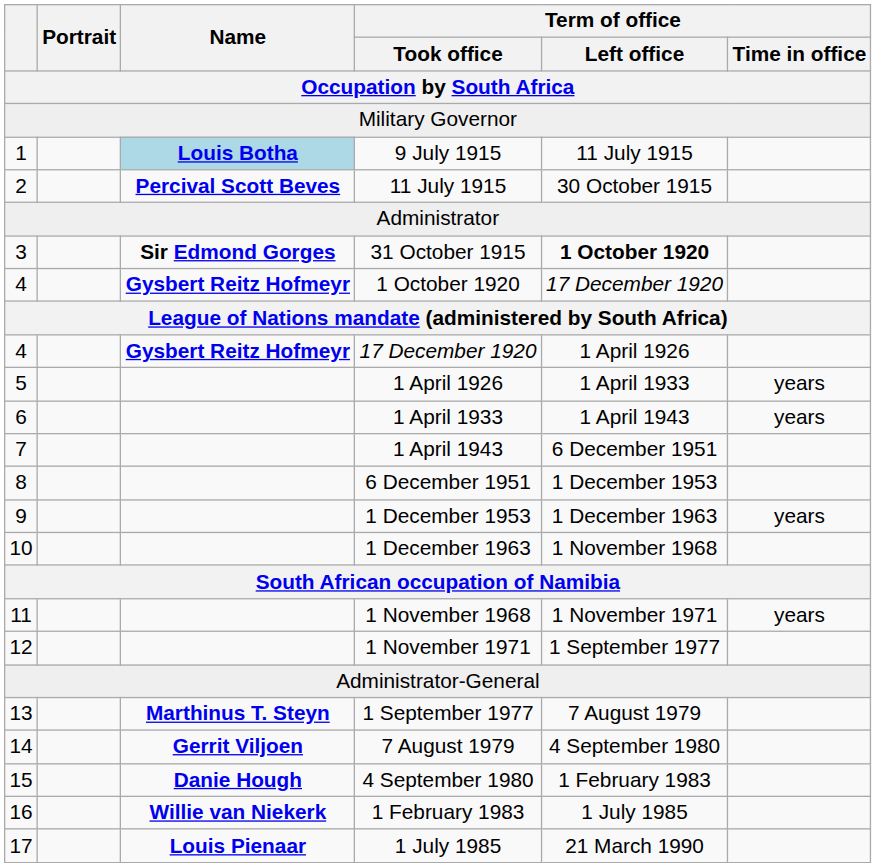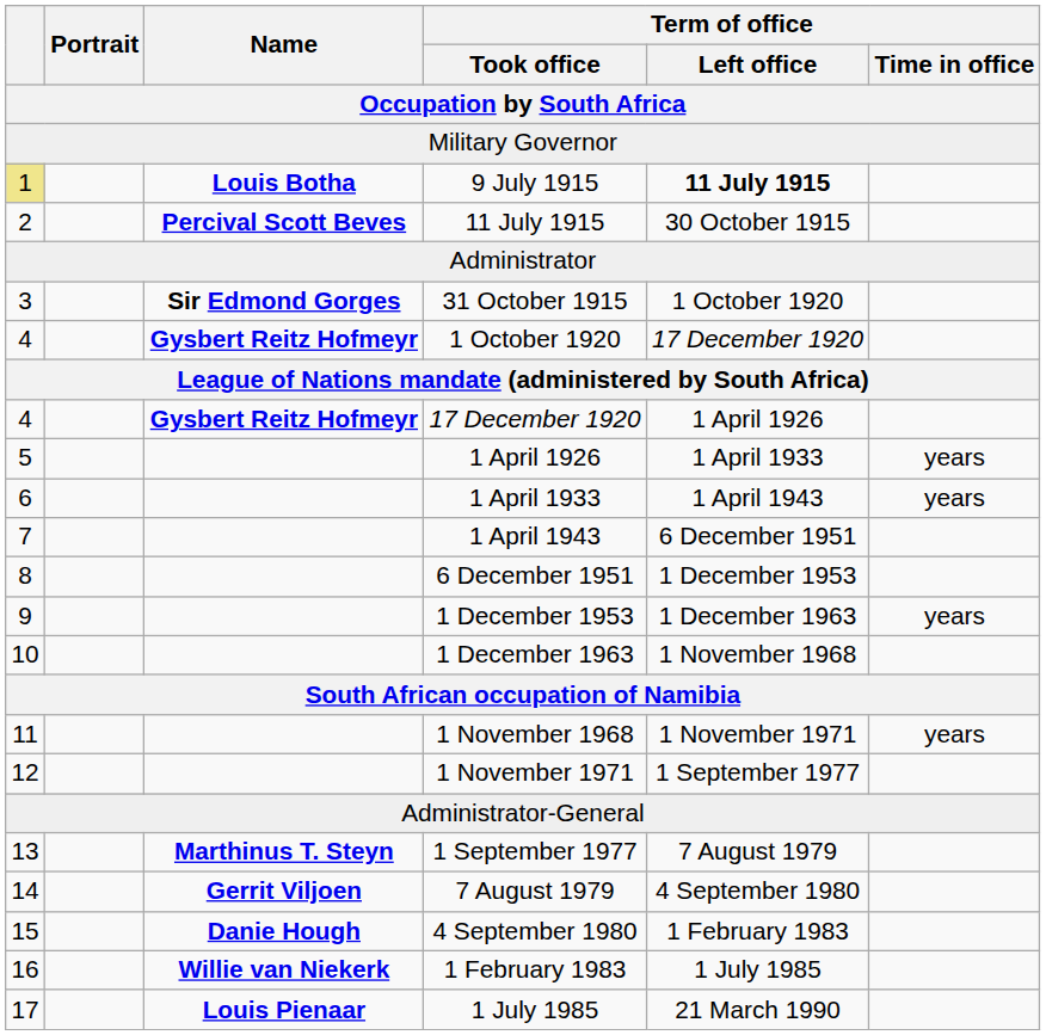 <table class="wikitable" style="text-align:center">
 <tr>
 <th rowspan=2></th>
 <th rowspan=2>Portrait</th>
 <th rowspan=2>Name<br></th>
 <th colspan=3>Term of office</th>
 </tr>
 <tr>
 <th>Took office</th>
 <th>Left office</th>
 <th>Time in office</th>
 </tr>
 <tr>
 <th colspan=6><a href='#'>Occupation</a> by <a href='#'>South Africa</a></th>
 </tr>
 <tr style="background:#efefef;">
 <td colspan=6>Military Governor</td>
 </tr>
 <tr>
-<td>1</td>
+<td style="background: khaki;">1</td>
 <td></td>
-<td style="background: lightblue;"><strong><a href='#'>Louis Botha</a></strong><br></td>
+<td><strong><a href='#'>Louis Botha</a></strong><br></td>
 <td>9 July 1915</td>
-<td>11 July 1915</td>
+<td><strong>11 July 1915</strong></td>
 <td></td>
 </tr>
 <tr>
 <td>2</td>
 <td></td>
 <td><strong><a href='#'>Percival Scott Beves</a></strong><br></td>
 <td>11 July 1915</td>
 <td>30 October 1915</td>
 <td></td>
 </tr>
 <tr style="background:#efefef;">
 <td colspan=6>Administrator</td>
 </tr>
 <tr>
 <td>3</td>
 <td></td>
 <td><strong>Sir <a href='#'>Edmond Gorges</a></strong><br></td>
 <td>31 October 1915</td>
-<td><strong>1 October 1920</strong></td>
+<td>1 October 1920</td>
 <td></td>
 </tr>
 <tr>
 <td>4</td>
 <td></td>
 <td><strong><a href='#'>Gysbert Reitz Hofmeyr</a></strong><br></td>
 <td>1 October 1920</td>
 <td><em>17 December 1920</em></td>
 <td></td>
 </tr>
 <tr>
 <th colspan=6><a href='#'>League of Nations mandate</a> (administered by South Africa)</th>
 </tr>
 <tr>
 <td>4</td>
 <td></td>
 <td><strong><a href='#'>Gysbert Reitz Hofmeyr</a></strong><br></td>
 <td><em>17 December 1920</em></td>
 <td>1 April 1926</td>
 <td></td>
 </tr>
 <tr>
 <td>5</td>
 <td></td>
 <td><strong></strong><br></td>
 <td>1 April 1926</td>
 <td>1 April 1933</td>
 <td> years</td>
 </tr>
 <tr>
 <td>6</td>
 <td></td>
 <td><strong></strong><br></td>
 <td>1 April 1933</td>
 <td>1 April 1943</td>
 <td> years</td>
 </tr>
 <tr>
 <td>7</td>
 <td></td>
 <td><strong></strong><br></td>
 <td>1 April 1943</td>
 <td>6 December 1951</td>
 <td></td>
 </tr>
 <tr>
 <td>8</td>
 <td></td>
 <td><strong></strong><br></td>
 <td>6 December 1951</td>
 <td>1 December 1953</td>
 <td></td>
 </tr>
 <tr>
 <td>9</td>
 <td></td>
 <td><strong></strong><br></td>
 <td>1 December 1953</td>
 <td>1 December 1963</td>
 <td> years</td>
 </tr>
 <tr>
 <td>10</td>
 <td></td>
 <td><strong></strong><br></td>
 <td>1 December 1963</td>
 <td>1 November 1968</td>
 <td></td>
 </tr>
 <tr>
 <th colspan=6><a href='#'>South African occupation of Namibia</a></th>
 </tr>
 <tr>
 <td>11</td>
 <td></td>
 <td><strong></strong><br></td>
 <td>1 November 1968</td>
 <td>1 November 1971</td>
 <td> years</td>
 </tr>
 <tr>
 <td>12</td>
 <td></td>
 <td><strong></strong><br></td>
 <td>1 November 1971</td>
 <td>1 September 1977</td>
 <td></td>
 </tr>
 <tr style="background:#efefef;">
 <td colspan=6>Administrator-General</td>
 </tr>
 <tr>
 <td>13</td>
 <td></td>
 <td><strong><a href='#'>Marthinus T. Steyn</a></strong><br></td>
 <td>1 September 1977</td>
 <td>7 August 1979</td>
 <td></td>
 </tr>
 <tr>
 <td>14</td>
 <td></td>
 <td><strong><a href='#'>Gerrit Viljoen</a></strong><br></td>
 <td>7 August 1979</td>
 <td>4 September 1980</td>
 <td></td>
 </tr>
 <tr>
 <td>15</td>
 <td></td>
 <td><strong><a href='#'>Danie Hough</a></strong><br></td>
 <td>4 September 1980</td>
 <td>1 February 1983</td>
 <td></td>
 </tr>
 <tr>
 <td>16</td>
 <td></td>
 <td><strong><a href='#'>Willie van Niekerk</a></strong><br></td>
 <td>1 February 1983</td>
 <td>1 July 1985</td>
 <td></td>
 </tr>
 <tr>
 <td>17</td>
 <td></td>
 <td><strong><a href='#'>Louis Pienaar</a></strong><br></td>
 <td>1 July 1985</td>
 <td>21 March 1990</td>
 <td></td>
 </tr>
 </table>
